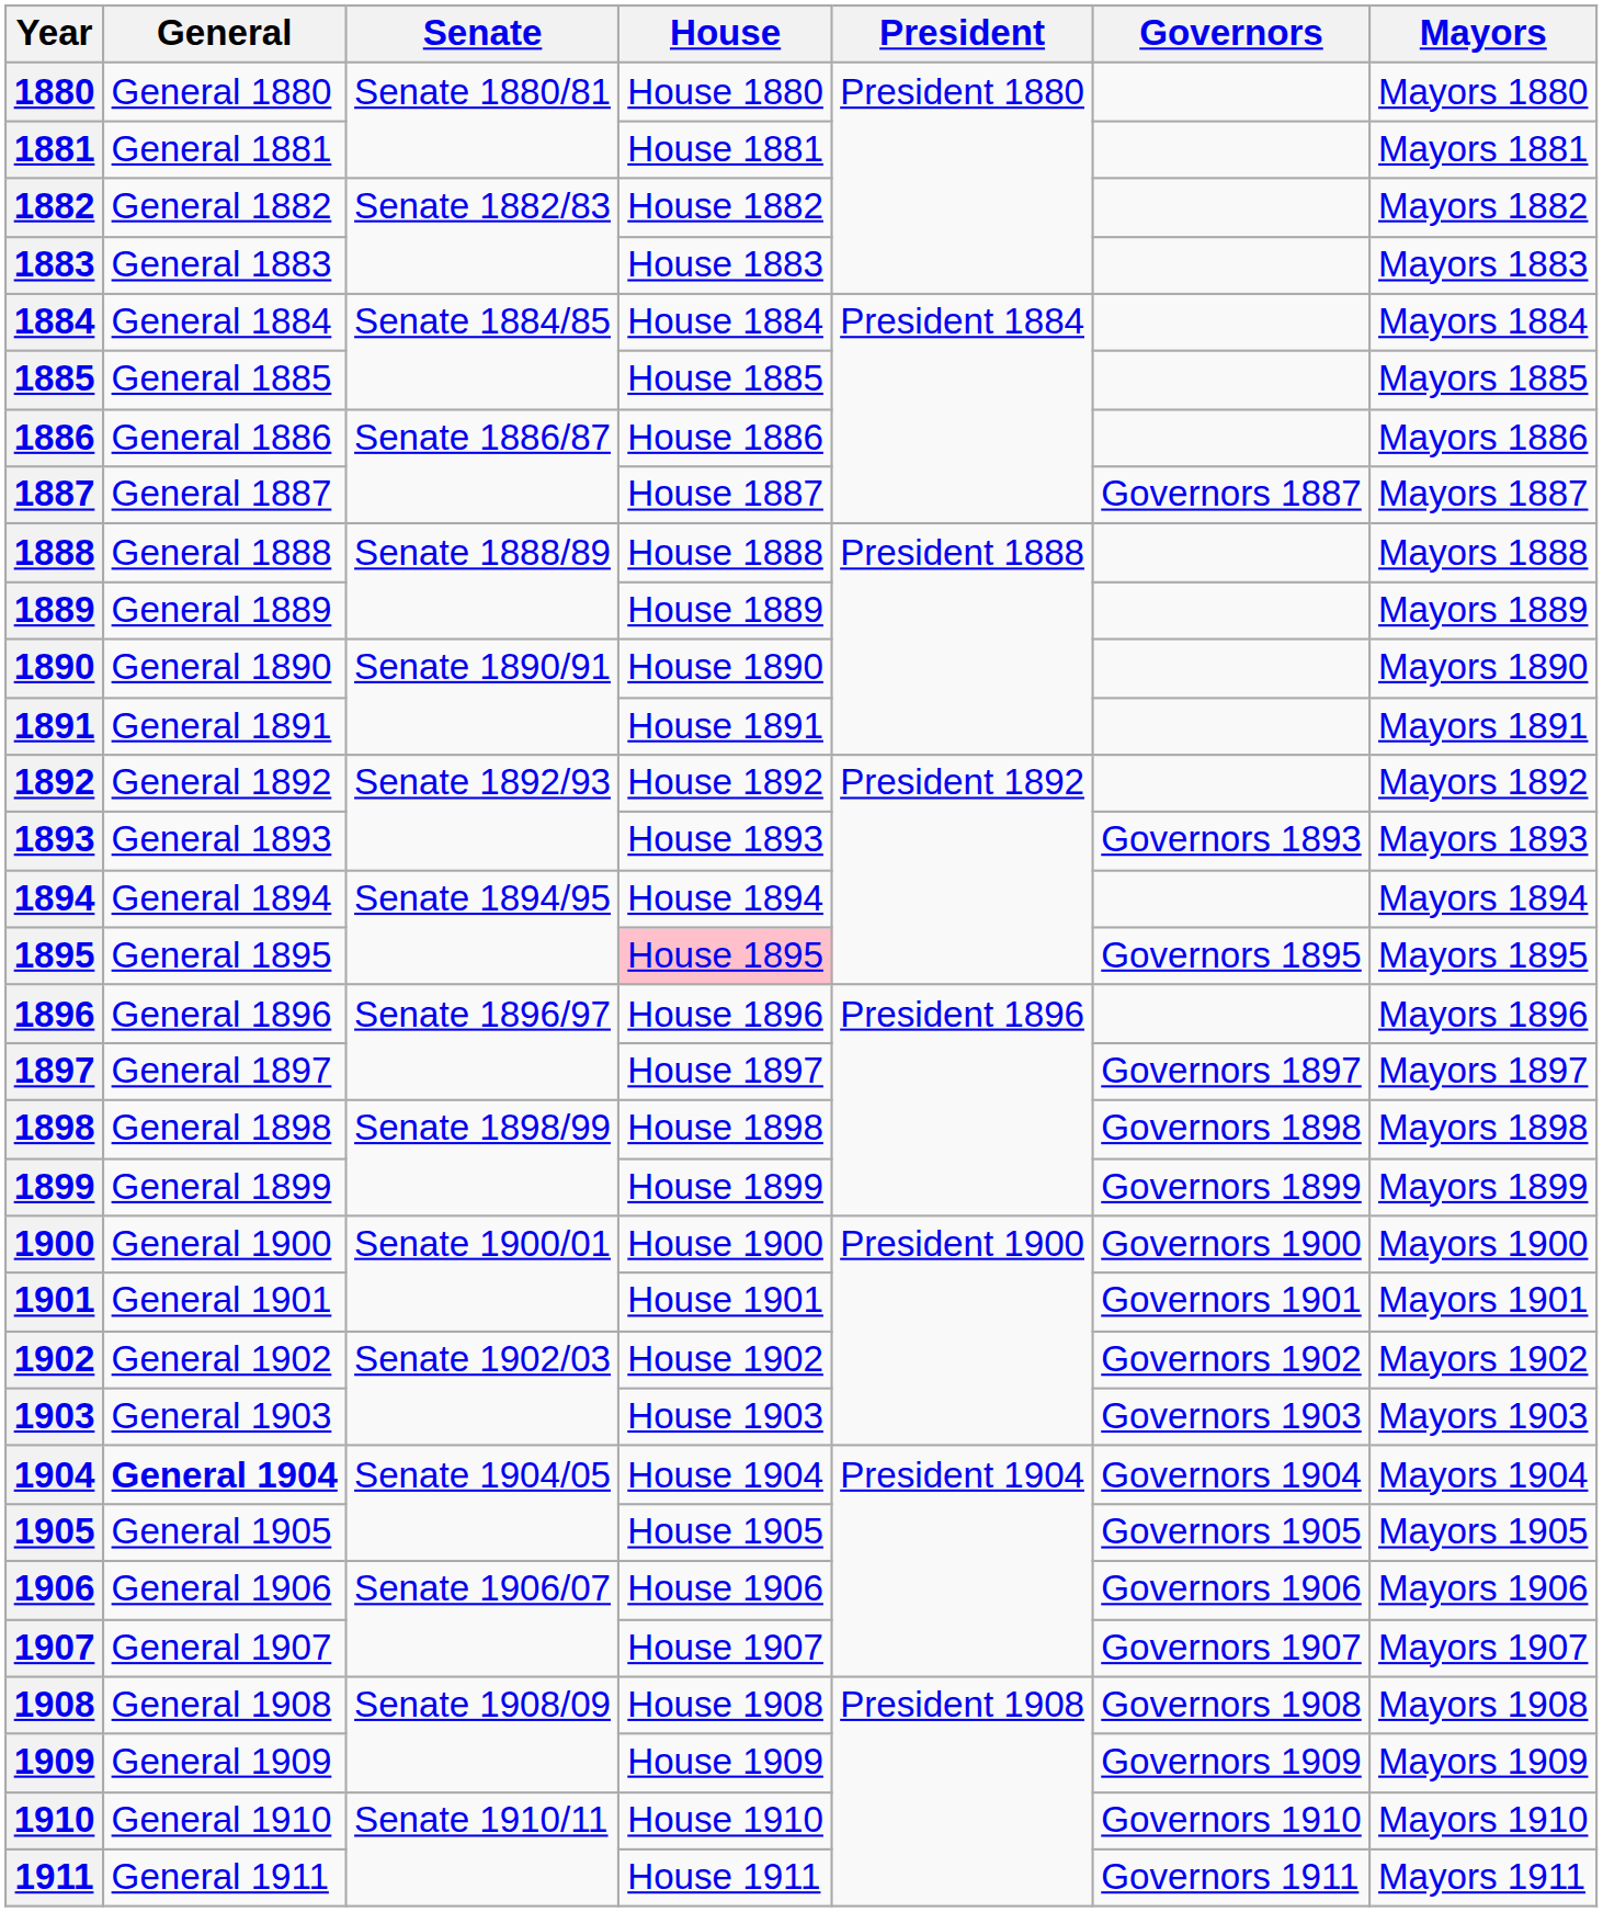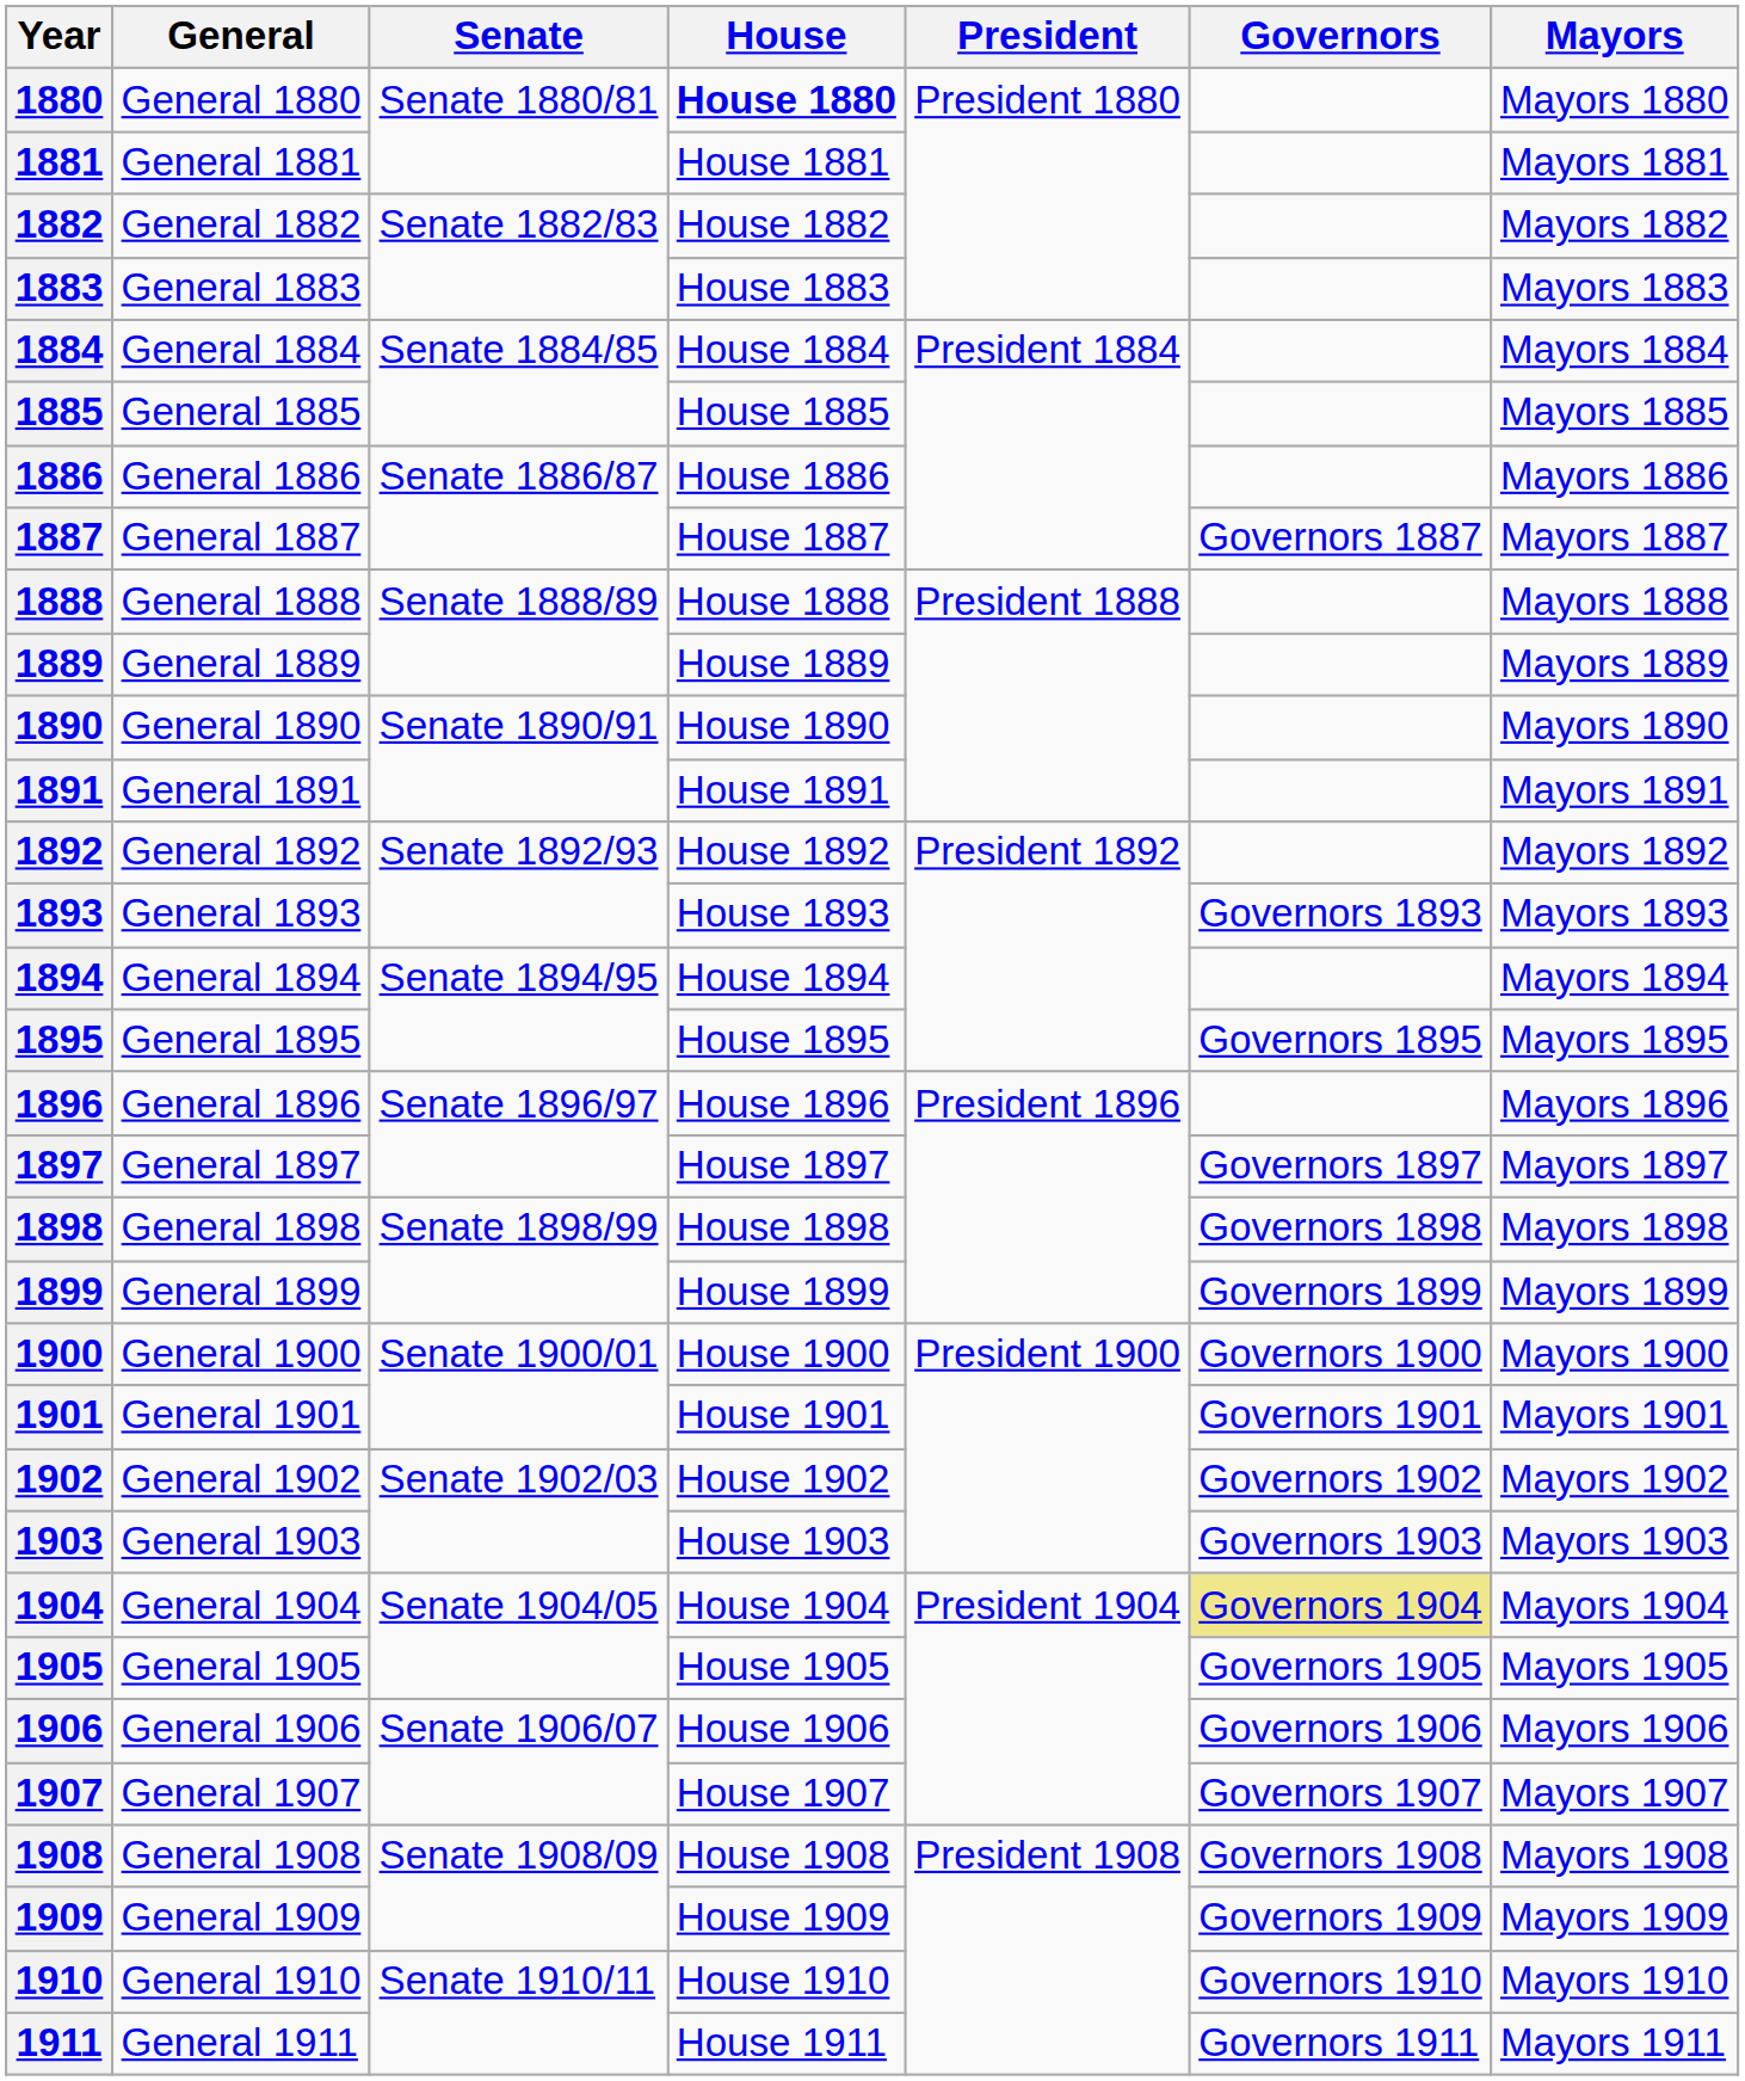 <table class=wikitable>
 <tr>
 <th>Year</th>
 <th>General</th>
 <th><a href='#'>Senate</a></th>
 <th><a href='#'>House</a></th>
 <th><a href='#'>President</a></th>
 <th><a href='#'>Governors</a></th>
 <th><a href='#'>Mayors</a></th>
 </tr>
 <tr valign=top>
 <th><a href='#'>1880</a></th>
 <td><a href='#'>General 1880</a></td>
 <td rowspan=2><a href='#'>Senate 1880/81</a></td>
-<td><a href='#'>House 1880</a></td>
+<td><strong><a href='#'>House 1880</a></strong></td>
 <td rowspan=4><a href='#'>President 1880</a></td>
 <td></td>
 <td><a href='#'>Mayors 1880</a></td>
 </tr>
 <tr valign=top>
 <th><a href='#'>1881</a></th>
 <td><a href='#'>General 1881</a></td>
 <td><a href='#'>House 1881</a></td>
 <td></td>
 <td><a href='#'>Mayors 1881</a></td>
 </tr>
 <tr valign=top>
 <th><a href='#'>1882</a></th>
 <td><a href='#'>General 1882</a></td>
 <td rowspan=2><a href='#'>Senate 1882/83</a></td>
 <td><a href='#'>House 1882</a></td>
 <td></td>
 <td><a href='#'>Mayors 1882</a></td>
 </tr>
 <tr valign=top>
 <th><a href='#'>1883</a></th>
 <td><a href='#'>General 1883</a></td>
 <td><a href='#'>House 1883</a></td>
 <td></td>
 <td><a href='#'>Mayors 1883</a></td>
 </tr>
 <tr valign=top>
 <th><a href='#'>1884</a></th>
 <td><a href='#'>General 1884</a></td>
 <td rowspan=2><a href='#'>Senate 1884/85</a></td>
 <td><a href='#'>House 1884</a></td>
 <td rowspan=4><a href='#'>President 1884</a></td>
 <td></td>
 <td><a href='#'>Mayors 1884</a></td>
 </tr>
 <tr valign=top>
 <th><a href='#'>1885</a></th>
 <td><a href='#'>General 1885</a></td>
 <td><a href='#'>House 1885</a></td>
 <td></td>
 <td><a href='#'>Mayors 1885</a></td>
 </tr>
 <tr valign=top>
 <th><a href='#'>1886</a></th>
 <td><a href='#'>General 1886</a></td>
 <td rowspan=2><a href='#'>Senate 1886/87</a></td>
 <td><a href='#'>House 1886</a></td>
 <td></td>
 <td><a href='#'>Mayors 1886</a></td>
 </tr>
 <tr valign=top>
 <th><a href='#'>1887</a></th>
 <td><a href='#'>General 1887</a></td>
 <td><a href='#'>House 1887</a></td>
 <td><a href='#'>Governors 1887</a></td>
 <td><a href='#'>Mayors 1887</a></td>
 </tr>
 <tr valign=top>
 <th><a href='#'>1888</a></th>
 <td><a href='#'>General 1888</a></td>
 <td rowspan=2><a href='#'>Senate 1888/89</a></td>
 <td><a href='#'>House 1888</a></td>
 <td rowspan=4><a href='#'>President 1888</a></td>
 <td></td>
 <td><a href='#'>Mayors 1888</a></td>
 </tr>
 <tr valign=top>
 <th><a href='#'>1889</a></th>
 <td><a href='#'>General 1889</a></td>
 <td><a href='#'>House 1889</a></td>
 <td></td>
 <td><a href='#'>Mayors 1889</a></td>
 </tr>
 <tr valign=top>
 <th><a href='#'>1890</a></th>
 <td><a href='#'>General 1890</a></td>
 <td rowspan=2><a href='#'>Senate 1890/91</a></td>
 <td><a href='#'>House 1890</a></td>
 <td></td>
 <td><a href='#'>Mayors 1890</a></td>
 </tr>
 <tr valign=top>
 <th><a href='#'>1891</a></th>
 <td><a href='#'>General 1891</a></td>
 <td><a href='#'>House 1891</a></td>
 <td></td>
 <td><a href='#'>Mayors 1891</a></td>
 </tr>
 <tr valign=top>
 <th><a href='#'>1892</a></th>
 <td><a href='#'>General 1892</a></td>
 <td rowspan=2><a href='#'>Senate 1892/93</a></td>
 <td><a href='#'>House 1892</a></td>
 <td rowspan=4><a href='#'>President 1892</a></td>
 <td></td>
 <td><a href='#'>Mayors 1892</a></td>
 </tr>
 <tr valign=top>
 <th><a href='#'>1893</a></th>
 <td><a href='#'>General 1893</a></td>
 <td><a href='#'>House 1893</a></td>
 <td><a href='#'>Governors 1893</a></td>
 <td><a href='#'>Mayors 1893</a></td>
 </tr>
 <tr valign=top>
 <th><a href='#'>1894</a></th>
 <td><a href='#'>General 1894</a></td>
 <td rowspan=2><a href='#'>Senate 1894/95</a></td>
 <td><a href='#'>House 1894</a></td>
 <td></td>
 <td><a href='#'>Mayors 1894</a></td>
 </tr>
 <tr valign=top>
 <th><a href='#'>1895</a></th>
 <td><a href='#'>General 1895</a></td>
-<td style="background: pink;"><a href='#'>House 1895</a></td>
+<td><a href='#'>House 1895</a></td>
 <td><a href='#'>Governors 1895</a></td>
 <td><a href='#'>Mayors 1895</a></td>
 </tr>
 <tr valign=top>
 <th><a href='#'>1896</a></th>
 <td><a href='#'>General 1896</a></td>
 <td rowspan=2><a href='#'>Senate 1896/97</a></td>
 <td><a href='#'>House 1896</a></td>
 <td rowspan=4><a href='#'>President 1896</a></td>
 <td></td>
 <td><a href='#'>Mayors 1896</a></td>
 </tr>
 <tr valign=top>
 <th><a href='#'>1897</a></th>
 <td><a href='#'>General 1897</a></td>
 <td><a href='#'>House 1897</a></td>
 <td><a href='#'>Governors 1897</a></td>
 <td><a href='#'>Mayors 1897</a></td>
 </tr>
 <tr valign=top>
 <th><a href='#'>1898</a></th>
 <td><a href='#'>General 1898</a></td>
 <td rowspan=2><a href='#'>Senate 1898/99</a></td>
 <td><a href='#'>House 1898</a></td>
 <td><a href='#'>Governors 1898</a></td>
 <td><a href='#'>Mayors 1898</a></td>
 </tr>
 <tr valign=top>
 <th><a href='#'>1899</a></th>
 <td><a href='#'>General 1899</a></td>
 <td><a href='#'>House 1899</a></td>
 <td><a href='#'>Governors 1899</a></td>
 <td><a href='#'>Mayors 1899</a></td>
 </tr>
 <tr valign=top>
 <th><a href='#'>1900</a></th>
 <td><a href='#'>General 1900</a></td>
 <td rowspan=2><a href='#'>Senate 1900/01</a></td>
 <td><a href='#'>House 1900</a></td>
 <td rowspan=4><a href='#'>President 1900</a></td>
 <td><a href='#'>Governors 1900</a></td>
 <td><a href='#'>Mayors 1900</a></td>
 </tr>
 <tr valign=top>
 <th><a href='#'>1901</a></th>
 <td><a href='#'>General 1901</a></td>
 <td><a href='#'>House 1901</a></td>
 <td><a href='#'>Governors 1901</a></td>
 <td><a href='#'>Mayors 1901</a></td>
 </tr>
 <tr valign=top>
 <th><a href='#'>1902</a></th>
 <td><a href='#'>General 1902</a></td>
 <td rowspan=2><a href='#'>Senate 1902/03</a></td>
 <td><a href='#'>House 1902</a></td>
 <td><a href='#'>Governors 1902</a></td>
 <td><a href='#'>Mayors 1902</a></td>
 </tr>
 <tr valign=top>
 <th><a href='#'>1903</a></th>
 <td><a href='#'>General 1903</a></td>
 <td><a href='#'>House 1903</a></td>
 <td><a href='#'>Governors 1903</a></td>
 <td><a href='#'>Mayors 1903</a></td>
 </tr>
 <tr valign=top>
 <th><a href='#'>1904</a></th>
-<td><strong><a href='#'>General 1904</a></strong></td>
+<td><a href='#'>General 1904</a></td>
 <td rowspan=2><a href='#'>Senate 1904/05</a></td>
 <td><a href='#'>House 1904</a></td>
 <td rowspan=4><a href='#'>President 1904</a></td>
-<td><a href='#'>Governors 1904</a></td>
+<td style="background: khaki;"><a href='#'>Governors 1904</a></td>
 <td><a href='#'>Mayors 1904</a></td>
 </tr>
 <tr valign=top>
 <th><a href='#'>1905</a></th>
 <td><a href='#'>General 1905</a></td>
 <td><a href='#'>House 1905</a></td>
 <td><a href='#'>Governors 1905</a></td>
 <td><a href='#'>Mayors 1905</a></td>
 </tr>
 <tr valign=top>
 <th><a href='#'>1906</a></th>
 <td><a href='#'>General 1906</a></td>
 <td rowspan=2><a href='#'>Senate 1906/07</a></td>
 <td><a href='#'>House 1906</a></td>
 <td><a href='#'>Governors 1906</a></td>
 <td><a href='#'>Mayors 1906</a></td>
 </tr>
 <tr valign=top>
 <th><a href='#'>1907</a></th>
 <td><a href='#'>General 1907</a></td>
 <td><a href='#'>House 1907</a></td>
 <td><a href='#'>Governors 1907</a></td>
 <td><a href='#'>Mayors 1907</a></td>
 </tr>
 <tr valign=top>
 <th><a href='#'>1908</a></th>
 <td><a href='#'>General 1908</a></td>
 <td rowspan=2><a href='#'>Senate 1908/09</a></td>
 <td><a href='#'>House 1908</a></td>
 <td rowspan=4><a href='#'>President 1908</a></td>
 <td><a href='#'>Governors 1908</a></td>
 <td><a href='#'>Mayors 1908</a></td>
 </tr>
 <tr valign=top>
 <th><a href='#'>1909</a></th>
 <td><a href='#'>General 1909</a></td>
 <td><a href='#'>House 1909</a></td>
 <td><a href='#'>Governors 1909</a></td>
 <td><a href='#'>Mayors 1909</a></td>
 </tr>
 <tr valign=top>
 <th><a href='#'>1910</a></th>
 <td><a href='#'>General 1910</a></td>
 <td rowspan=2><a href='#'>Senate 1910/11</a></td>
 <td><a href='#'>House 1910</a></td>
 <td><a href='#'>Governors 1910</a></td>
 <td><a href='#'>Mayors 1910</a></td>
 </tr>
 <tr valign=top>
 <th><a href='#'>1911</a></th>
 <td><a href='#'>General 1911</a></td>
 <td><a href='#'>House 1911</a></td>
 <td><a href='#'>Governors 1911</a></td>
 <td><a href='#'>Mayors 1911</a></td>
 </tr>
 </table>
